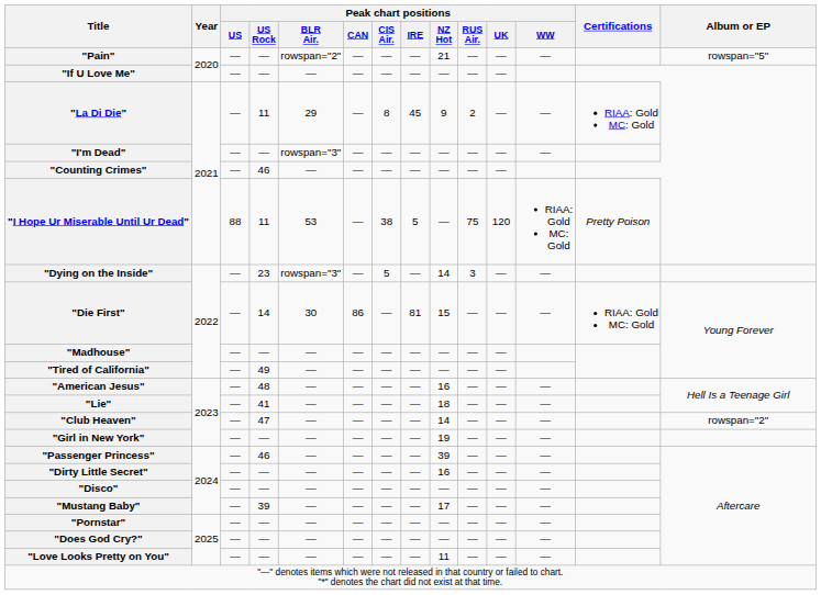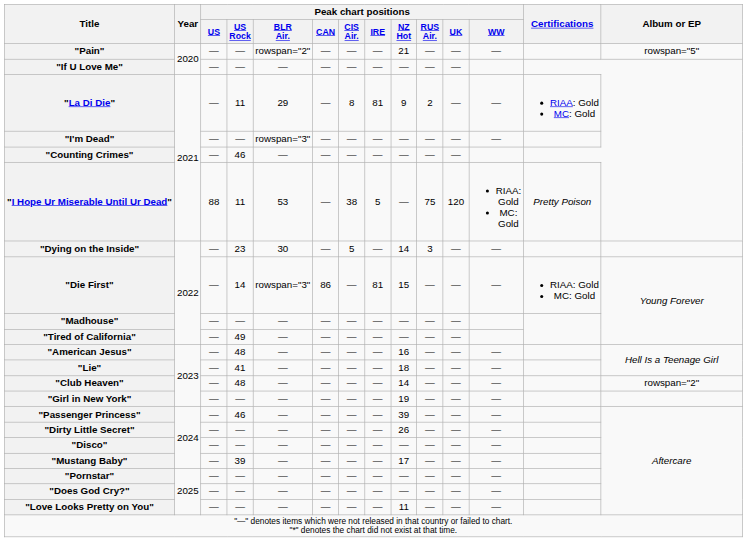 <table class="wikitable plainrowheaders" style="text-align:center;">
 <tr>
 <th scope="col" rowspan="2" style="width:17em;">Title</th>
 <th scope="col" rowspan="2" style="width:1em;">Year</th>
 <th scope="col" colspan="10">Peak chart positions</th>
 <th scope="col" rowspan="2"><a href='#'>Certifications</a></th>
 <th scope="col" rowspan="2" style="width:14em;">Album or EP</th>
 </tr>
 <tr>
 <th scope="col" style="width:2.5em;font-size:90%;"><a href='#'>US</a><br></th>
 <th scope="col" style="width:2.5em;font-size:90%;"><a href='#'>US<br>Rock</a><br></th>
 <th scope="col" style="width:2.5em;font-size:90%;"><a href='#'>BLR<br>Air.</a><br></th>
 <th scope="col" style="width:2.5em;font-size:90%;"><a href='#'>CAN</a><br></th>
 <th scope="col" style="width:2.5em;font-size:90%;"><a href='#'>CIS<br>Air.</a><br></th>
 <th scope="col" style="width:2.5em;font-size:90%;"><a href='#'>IRE</a><br></th>
 <th scope="col" style="width:2.5em;font-size:90%;"><a href='#'>NZ<br>Hot</a><br></th>
 <th scope="col" style="width:2.5em;font-size:90%;"><a href='#'>RUS<br>Air.</a><br></th>
 <th scope="col" style="width:2.5em;font-size:90%;"><a href='#'>UK</a><br></th>
 <th scope="col" style="width:2.5em;font-size:90%;"><a href='#'>WW</a><br></th>
 </tr>
 <tr>
 <th scope="row">"Pain"</th>
 <td rowspan="2">2020</td>
 <td>—</td>
 <td>—</td>
 <td>rowspan="2" </td>
 <td>—</td>
 <td>—</td>
 <td>—</td>
 <td>21</td>
 <td>—</td>
 <td>—</td>
 <td>—</td>
 <td></td>
 <td>rowspan="5" </td>
 </tr>
 <tr>
 <th scope="row">"If U Love Me"</th>
 <td>—</td>
 <td>—</td>
 <td>—</td>
 <td>—</td>
 <td>—</td>
 <td>—</td>
 <td>—</td>
 <td>—</td>
 <td>—</td>
 <td></td>
 </tr>
 <tr>
 <th scope="row">"<a href='#'>La Di Die</a>"<br></th>
 <td rowspan="4">2021</td>
 <td>—</td>
 <td>11</td>
 <td>29</td>
 <td>—</td>
 <td>8</td>
-<td>45</td>
+<td>81</td>
 <td>9</td>
 <td>2</td>
 <td>—</td>
 <td>—</td>
 <td><br><ul><li><a href='#'>RIAA</a>: Gold</li><li><a href='#'>MC</a>: Gold</li></ul></td>
 </tr>
 <tr>
 <th scope="row">"I'm Dead"<br></th>
 <td>—</td>
 <td>—</td>
 <td>rowspan="3" </td>
 <td>—</td>
 <td>—</td>
 <td>—</td>
 <td>—</td>
 <td>—</td>
 <td>—</td>
 <td>—</td>
 <td></td>
 </tr>
 <tr>
 <th scope="row">"Counting Crimes"</th>
 <td>—</td>
 <td>46</td>
 <td>—</td>
 <td>—</td>
 <td>—</td>
 <td>—</td>
 <td>—</td>
 <td>—</td>
 <td>—</td>
 <td></td>
 </tr>
 <tr>
 <th scope="row">"<a href='#'>I Hope Ur Miserable Until Ur Dead</a>"</th>
 <td>88</td>
 <td>11</td>
 <td>53</td>
 <td>—</td>
 <td>38</td>
 <td>5</td>
 <td>—</td>
 <td>75</td>
 <td>120</td>
 <td><br><ul><li>RIAA: Gold</li><li>MC: Gold</li></ul></td>
 <td><em>Pretty Poison</em></td>
 </tr>
 <tr>
 <th scope="row">"Dying on the Inside"</th>
 <td rowspan="4">2022</td>
 <td>—</td>
 <td>23</td>
-<td>rowspan="3" </td>
+<td>30</td>
 <td>—</td>
 <td>5</td>
 <td>—</td>
 <td>14</td>
 <td>3</td>
 <td>—</td>
 <td>—</td>
 <td></td>
 <td></td>
 </tr>
 <tr>
 <th scope="row">"Die First"</th>
 <td>—</td>
 <td>14</td>
-<td>30</td>
+<td>rowspan="3" </td>
 <td>86</td>
 <td>—</td>
 <td>81</td>
 <td>15</td>
 <td>—</td>
 <td>—</td>
 <td>—</td>
 <td><br><ul><li>RIAA: Gold</li><li>MC: Gold</li></ul></td>
 <td rowspan="3"><em>Young Forever</em></td>
 </tr>
 <tr>
 <th scope="row">"Madhouse"</th>
 <td>—</td>
 <td>—</td>
 <td>—</td>
 <td>—</td>
 <td>—</td>
 <td>—</td>
 <td>—</td>
 <td>—</td>
 <td>—</td>
 <td></td>
 </tr>
 <tr>
 <th scope="row">"Tired of California"</th>
 <td>—</td>
 <td>49</td>
 <td>—</td>
 <td>—</td>
 <td>—</td>
 <td>—</td>
 <td>—</td>
 <td>—</td>
 <td>—</td>
 <td></td>
 </tr>
 <tr>
 <th scope="row">"American Jesus"</th>
 <td rowspan="4">2023</td>
 <td>—</td>
 <td>48</td>
 <td>—</td>
 <td>—</td>
 <td>—</td>
 <td>—</td>
 <td>16</td>
 <td>—</td>
 <td>—</td>
 <td>—</td>
 <td></td>
 <td rowspan="2"><em>Hell Is a Teenage Girl</em></td>
 </tr>
 <tr>
 <th scope="row">"Lie"</th>
 <td>—</td>
 <td>41</td>
 <td>—</td>
 <td>—</td>
 <td>—</td>
 <td>—</td>
 <td>18</td>
 <td>—</td>
 <td>—</td>
 <td>—</td>
 <td></td>
 </tr>
 <tr>
 <th scope="row">"Club Heaven"</th>
 <td>—</td>
-<td>47</td>
+<td>48</td>
 <td>—</td>
 <td>—</td>
 <td>—</td>
 <td>—</td>
 <td>14</td>
 <td>—</td>
 <td>—</td>
 <td>—</td>
 <td></td>
 <td>rowspan="2" </td>
 </tr>
 <tr>
 <th scope="row">"Girl in New York"</th>
 <td>—</td>
 <td>—</td>
 <td>—</td>
 <td>—</td>
 <td>—</td>
 <td>—</td>
 <td>19</td>
 <td>—</td>
 <td>—</td>
 <td>—</td>
 <td></td>
 </tr>
 <tr>
 <th scope="row">"Passenger Princess"</th>
 <td rowspan="4">2024</td>
 <td>—</td>
 <td>46</td>
 <td>—</td>
 <td>—</td>
 <td>—</td>
 <td>—</td>
 <td>39</td>
 <td>—</td>
 <td>—</td>
 <td>—</td>
 <td></td>
 <td rowspan="7"><em>Aftercare</em></td>
 </tr>
 <tr>
 <th scope="row">"Dirty Little Secret"</th>
 <td>—</td>
 <td>—</td>
 <td>—</td>
 <td>—</td>
 <td>—</td>
 <td>—</td>
-<td>16</td>
+<td>26</td>
 <td>—</td>
 <td>—</td>
 <td>—</td>
 <td></td>
 </tr>
 <tr>
 <th scope="row">"Disco"<br></th>
 <td>—</td>
 <td>—</td>
 <td>—</td>
 <td>—</td>
 <td>—</td>
 <td>—</td>
 <td>—</td>
 <td>—</td>
 <td>—</td>
 <td>—</td>
 <td></td>
 </tr>
 <tr>
 <th scope="row">"Mustang Baby"<br></th>
 <td>—</td>
 <td>39</td>
 <td>—</td>
 <td>—</td>
 <td>—</td>
 <td>—</td>
 <td>17</td>
 <td>—</td>
 <td>—</td>
 <td>—</td>
 <td></td>
 </tr>
 <tr>
 <th scope="row">"Pornstar"</th>
 <td rowspan="3">2025</td>
 <td>—</td>
 <td>—</td>
 <td>—</td>
 <td>—</td>
 <td>—</td>
 <td>—</td>
 <td>—</td>
 <td>—</td>
 <td>—</td>
 <td>—</td>
 <td></td>
 </tr>
 <tr>
 <th scope="row">"Does God Cry?"</th>
 <td>—</td>
 <td>—</td>
 <td>—</td>
 <td>—</td>
 <td>—</td>
 <td>—</td>
 <td>—</td>
 <td>—</td>
 <td>—</td>
 <td>—</td>
 <td></td>
 </tr>
 <tr>
 <th scope="row">"Love Looks Pretty on You"</th>
 <td>—</td>
 <td>—</td>
 <td>—</td>
 <td>—</td>
 <td>—</td>
 <td>—</td>
 <td>11</td>
 <td>—</td>
 <td>—</td>
 <td>—</td>
 <td></td>
 </tr>
 <tr>
 <td colspan="14" style="font-size:85%;">"—" denotes items which were not released in that country or failed to chart.<br>"*" denotes the chart did not exist at that time.</td>
 </tr>
 </table>
